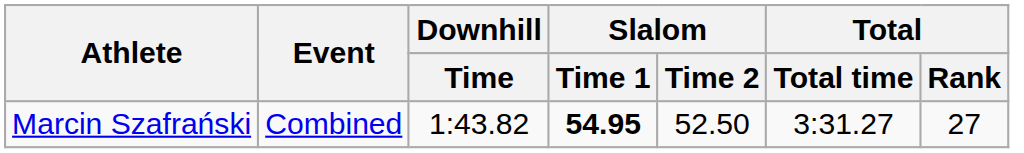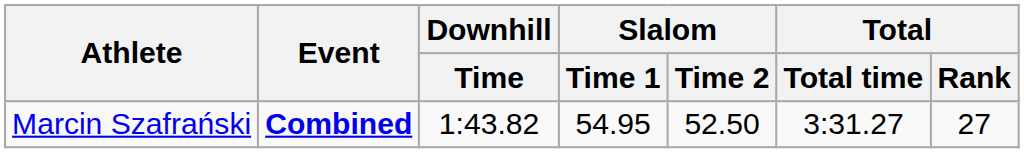 <table class="wikitable" style="font-size:90%">
 <tr>
 <th rowspan="2">Athlete</th>
 <th rowspan="2">Event</th>
 <th>Downhill</th>
 <th colspan="2">Slalom</th>
 <th colspan="2">Total</th>
 </tr>
 <tr>
 <th>Time</th>
 <th>Time 1</th>
 <th>Time 2</th>
 <th>Total time</th>
 <th>Rank</th>
 </tr>
 <tr>
 <td><a href='#'>Marcin Szafrański</a></td>
-<td><a href='#'>Combined</a></td>
+<td><strong><a href='#'>Combined</a></strong></td>
 <td align="center">1:43.82</td>
-<td align="center"><strong>54.95</strong></td>
+<td align="center">54.95</td>
 <td align="center">52.50</td>
 <td align="center">3:31.27</td>
 <td align="center">27</td>
 </tr>
 </table>
